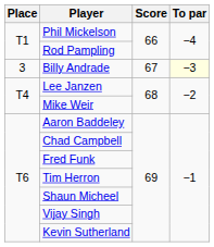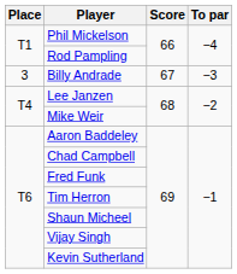 <table class="wikitable">
 <tr>
 <th>Place</th>
 <th>Player</th>
 <th>Score</th>
 <th>To par</th>
 </tr>
 <tr>
 <td rowspan="2" align=center>T1</td>
 <td> <a href='#'>Phil Mickelson</a></td>
 <td rowspan="2" align=center>66</td>
 <td rowspan="2" align=center>−4</td>
 </tr>
 <tr>
 <td> <a href='#'>Rod Pampling</a></td>
 </tr>
 <tr>
 <td align=center>3</td>
 <td> <a href='#'>Billy Andrade</a></td>
 <td align=center>67</td>
-<td align=center style="background: lightyellow;">−3</td>
+<td align=center>−3</td>
 </tr>
 <tr>
 <td rowspan="2" align=center>T4</td>
 <td> <a href='#'>Lee Janzen</a></td>
 <td rowspan="2" align=center>68</td>
 <td rowspan="2" align=center>−2</td>
 </tr>
 <tr>
 <td> <a href='#'>Mike Weir</a></td>
 </tr>
 <tr>
 <td rowspan="7" align=center>T6</td>
 <td> <a href='#'>Aaron Baddeley</a></td>
 <td rowspan="7" align=center>69</td>
 <td rowspan="7" align=center>−1</td>
 </tr>
 <tr>
 <td> <a href='#'>Chad Campbell</a></td>
 </tr>
 <tr>
 <td> <a href='#'>Fred Funk</a></td>
 </tr>
 <tr>
 <td> <a href='#'>Tim Herron</a></td>
 </tr>
 <tr>
 <td> <a href='#'>Shaun Micheel</a></td>
 </tr>
 <tr>
 <td> <a href='#'>Vijay Singh</a></td>
 </tr>
 <tr>
 <td> <a href='#'>Kevin Sutherland</a></td>
 </tr>
 </table>
